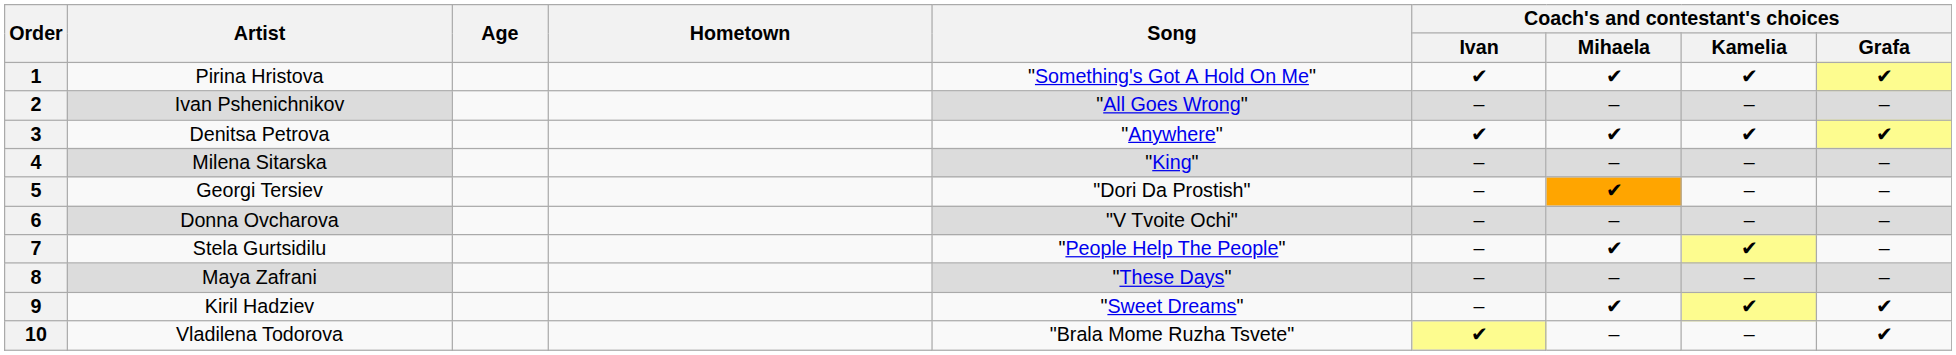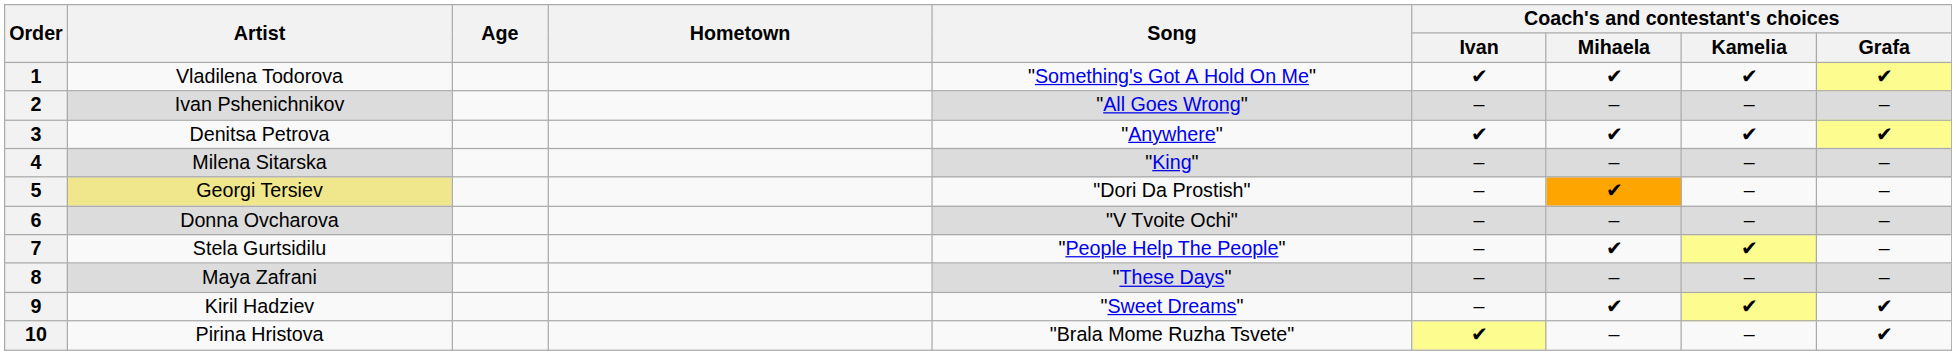 <table class="wikitable" style="text-align:center; line-height:16px; width:100%;">
 <tr>
 <th rowspan="2" scope="col" style="width:02%;">Order</th>
 <th rowspan="2" scope="col" style="width:20%;">Artist</th>
 <th rowspan="2" scope="col" style="width:05%;">Age</th>
 <th rowspan="2" scope="col" style="width:20%;">Hometown</th>
 <th rowspan="2" scope="col" style="width:25%;">Song</th>
 <th colspan="4" scope="col" style="width:28%;">Coach's and contestant's choices</th>
 </tr>
 <tr>
 <th style="width:07%;">Ivan</th>
 <th style="width:07%;">Mihaela</th>
 <th style="width:07%;">Kamelia</th>
 <th style="width:07%;">Grafa</th>
 </tr>
 <tr>
 <th>1</th>
-<td>Pirina Hristova</td>
+<td>Vladilena Todorova</td>
 <td></td>
 <td></td>
 <td>"<a href='#'>Something's Got А Hold On Me</a>"</td>
 <td>✔</td>
 <td>✔</td>
 <td>✔</td>
 <td style="background:#fdfc8f;">✔</td>
 </tr>
 <tr>
 <th>2</th>
 <td style="background:#dcdcdc;">Ivan Pshenichnikov</td>
 <td></td>
 <td></td>
 <td style="background:#dcdcdc;">"<a href='#'>All Goes Wrong</a>"</td>
 <td style="background:#dcdcdc;">–</td>
 <td style="background:#dcdcdc;">–</td>
 <td style="background:#dcdcdc;">–</td>
 <td style="background:#dcdcdc;">–</td>
 </tr>
 <tr>
 <th>3</th>
 <td>Denitsa Petrova</td>
 <td></td>
 <td></td>
 <td>"<a href='#'>Anywhere</a>"</td>
 <td>✔</td>
 <td>✔</td>
 <td>✔</td>
 <td style="background:#fdfc8f;">✔</td>
 </tr>
 <tr>
 <th>4</th>
 <td style="background:#dcdcdc;">Milena Sitarska</td>
 <td></td>
 <td></td>
 <td style="background:#dcdcdc;">"<a href='#'>King</a>"</td>
 <td style="background:#dcdcdc;">–</td>
 <td style="background:#dcdcdc;">–</td>
 <td style="background:#dcdcdc;">–</td>
 <td style="background:#dcdcdc;">–</td>
 </tr>
 <tr>
 <th>5</th>
-<td>Georgi Tersiev</td>
+<td style="background: khaki;">Georgi Tersiev</td>
 <td></td>
 <td></td>
 <td>"Dori Da Prostish"</td>
 <td>–</td>
 <td style="background:orange;">✔</td>
 <td>–</td>
 <td>–</td>
 </tr>
 <tr>
 <th>6</th>
 <td style="background:#dcdcdc;">Donna Ovcharova</td>
 <td></td>
 <td></td>
 <td style="background:#dcdcdc;">"V Tvoite Ochi"</td>
 <td style="background:#dcdcdc;">–</td>
 <td style="background:#dcdcdc;">–</td>
 <td style="background:#dcdcdc;">–</td>
 <td style="background:#dcdcdc;">–</td>
 </tr>
 <tr>
 <th>7</th>
 <td>Stela Gurtsidilu</td>
 <td></td>
 <td></td>
 <td>"<a href='#'>People Help The People</a>"</td>
 <td>–</td>
 <td>✔</td>
 <td style="background:#fdfc8f;">✔</td>
 <td>–</td>
 </tr>
 <tr>
 <th>8</th>
 <td style="background:#dcdcdc;">Maya Zafrani</td>
 <td></td>
 <td></td>
 <td style="background:#dcdcdc;">"<a href='#'>These Days</a>"</td>
 <td style="background:#dcdcdc;">–</td>
 <td style="background:#dcdcdc;">–</td>
 <td style="background:#dcdcdc;">–</td>
 <td style="background:#dcdcdc;">–</td>
 </tr>
 <tr>
 <th>9</th>
 <td>Kiril Hadziev</td>
 <td></td>
 <td></td>
 <td>"<a href='#'>Sweet Dreams</a>"</td>
 <td>–</td>
 <td>✔</td>
 <td style="background:#fdfc8f;">✔</td>
 <td>✔</td>
 </tr>
 <tr>
 <th>10</th>
-<td>Vladilena Todorova</td>
+<td>Pirina Hristova</td>
 <td></td>
 <td></td>
 <td>"Brala Mome Ruzha Tsvete"</td>
 <td style="background:#fdfc8f;">✔</td>
 <td>–</td>
 <td>–</td>
 <td>✔</td>
 </tr>
 </table>
